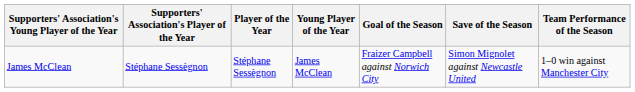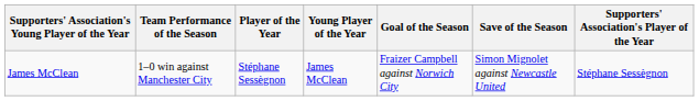 <table class="wikitable" style="font-size:88%">
 <tr>
 <th scope="col">Supporters' Association's Young Player of the Year</th>
-<th scope="col">Supporters' Association's Player of the Year</th>
+<th scope="col">Team Performance of the Season</th>
 <th scope="col">Player of the Year</th>
 <th scope="col">Young Player of the Year</th>
 <th scope="col">Goal of the Season</th>
 <th scope="col">Save of the Season</th>
-<th scope="col">Team Performance of the Season</th>
+<th scope="col">Supporters' Association's Player of the Year</th>
 </tr>
 <tr>
 <td><a href='#'>James McClean</a></td>
-<td><a href='#'>Stéphane Sessègnon</a></td>
+<td>1–0 win against <a href='#'>Manchester City</a></td>
 <td><a href='#'>Stéphane Sessègnon</a></td>
 <td><a href='#'>James McClean</a></td>
 <td><a href='#'>Fraizer Campbell</a> <em>against <a href='#'>Norwich City</a></em></td>
 <td><a href='#'>Simon Mignolet</a> <em>against <a href='#'>Newcastle United</a></em></td>
-<td>1–0 win against <a href='#'>Manchester City</a></td>
+<td><a href='#'>Stéphane Sessègnon</a></td>
 </tr>
 </table>
